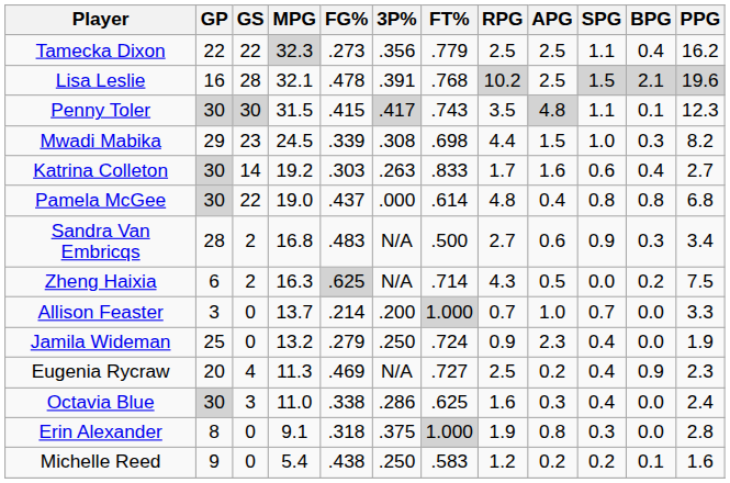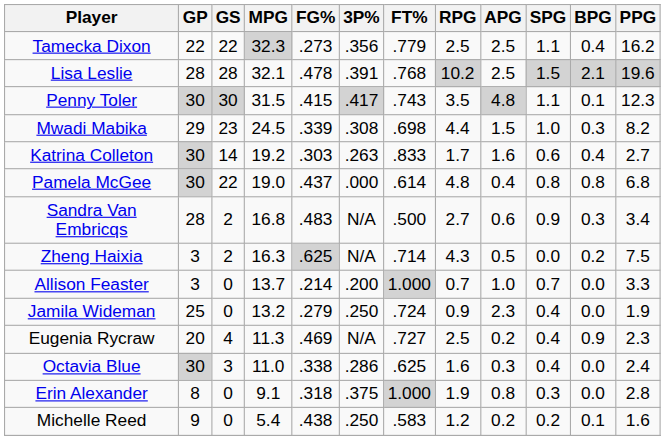 <table class="wikitable sortable" style="text-align:center;">
 <tr>
 <th>Player</th>
 <th>GP</th>
 <th>GS</th>
 <th>MPG</th>
 <th>FG%</th>
 <th>3P%</th>
 <th>FT%</th>
 <th>RPG</th>
 <th>APG</th>
 <th>SPG</th>
 <th>BPG</th>
 <th>PPG</th>
 </tr>
 <tr>
 <td><a href='#'>Tamecka Dixon</a></td>
 <td>22</td>
 <td>22</td>
 <td style="background:#D3D3D3;">32.3</td>
 <td>.273</td>
 <td>.356</td>
 <td>.779</td>
 <td>2.5</td>
 <td>2.5</td>
 <td>1.1</td>
 <td>0.4</td>
 <td>16.2</td>
 </tr>
 <tr>
 <td><a href='#'>Lisa Leslie</a></td>
-<td>16</td>
+<td>28</td>
 <td>28</td>
 <td>32.1</td>
 <td>.478</td>
 <td>.391</td>
 <td>.768</td>
 <td style="background:#D3D3D3;">10.2</td>
 <td>2.5</td>
 <td style="background:#D3D3D3;">1.5</td>
 <td style="background:#D3D3D3;">2.1</td>
 <td style="background:#D3D3D3;">19.6</td>
 </tr>
 <tr>
 <td><a href='#'>Penny Toler</a></td>
 <td style="background:#D3D3D3;">30</td>
 <td style="background:#D3D3D3;">30</td>
 <td>31.5</td>
 <td>.415</td>
 <td style="background:#D3D3D3;">.417</td>
 <td>.743</td>
 <td>3.5</td>
 <td style="background:#D3D3D3;">4.8</td>
 <td>1.1</td>
 <td>0.1</td>
 <td>12.3</td>
 </tr>
 <tr>
 <td><a href='#'>Mwadi Mabika</a></td>
 <td>29</td>
 <td>23</td>
 <td>24.5</td>
 <td>.339</td>
 <td>.308</td>
 <td>.698</td>
 <td>4.4</td>
 <td>1.5</td>
 <td>1.0</td>
 <td>0.3</td>
 <td>8.2</td>
 </tr>
 <tr>
 <td><a href='#'>Katrina Colleton</a></td>
 <td style="background:#D3D3D3;">30</td>
 <td>14</td>
 <td>19.2</td>
 <td>.303</td>
 <td>.263</td>
 <td>.833</td>
 <td>1.7</td>
 <td>1.6</td>
 <td>0.6</td>
 <td>0.4</td>
 <td>2.7</td>
 </tr>
 <tr>
 <td><a href='#'>Pamela McGee</a></td>
 <td style="background:#D3D3D3;">30</td>
 <td>22</td>
 <td>19.0</td>
 <td>.437</td>
 <td>.000</td>
 <td>.614</td>
 <td>4.8</td>
 <td>0.4</td>
 <td>0.8</td>
 <td>0.8</td>
 <td>6.8</td>
 </tr>
 <tr>
 <td><a href='#'>Sandra Van Embricqs</a></td>
 <td>28</td>
 <td>2</td>
 <td>16.8</td>
 <td>.483</td>
 <td>N/A</td>
 <td>.500</td>
 <td>2.7</td>
 <td>0.6</td>
 <td>0.9</td>
 <td>0.3</td>
 <td>3.4</td>
 </tr>
 <tr>
 <td><a href='#'>Zheng Haixia</a></td>
-<td>6</td>
+<td>3</td>
 <td>2</td>
 <td>16.3</td>
 <td style="background:#D3D3D3;">.625</td>
 <td>N/A</td>
 <td>.714</td>
 <td>4.3</td>
 <td>0.5</td>
 <td>0.0</td>
 <td>0.2</td>
 <td>7.5</td>
 </tr>
 <tr>
 <td><a href='#'>Allison Feaster</a></td>
 <td>3</td>
 <td>0</td>
 <td>13.7</td>
 <td>.214</td>
 <td>.200</td>
 <td style="background:#D3D3D3;">1.000</td>
 <td>0.7</td>
 <td>1.0</td>
 <td>0.7</td>
 <td>0.0</td>
 <td>3.3</td>
 </tr>
 <tr>
 <td><a href='#'>Jamila Wideman</a></td>
 <td>25</td>
 <td>0</td>
 <td>13.2</td>
 <td>.279</td>
 <td>.250</td>
 <td>.724</td>
 <td>0.9</td>
 <td>2.3</td>
 <td>0.4</td>
 <td>0.0</td>
 <td>1.9</td>
 </tr>
 <tr>
 <td>Eugenia Rycraw</td>
 <td>20</td>
 <td>4</td>
 <td>11.3</td>
 <td>.469</td>
 <td>N/A</td>
 <td>.727</td>
 <td>2.5</td>
 <td>0.2</td>
 <td>0.4</td>
 <td>0.9</td>
 <td>2.3</td>
 </tr>
 <tr>
 <td><a href='#'>Octavia Blue</a></td>
 <td style="background:#D3D3D3;">30</td>
 <td>3</td>
 <td>11.0</td>
 <td>.338</td>
 <td>.286</td>
 <td>.625</td>
 <td>1.6</td>
 <td>0.3</td>
 <td>0.4</td>
 <td>0.0</td>
 <td>2.4</td>
 </tr>
 <tr>
 <td><a href='#'>Erin Alexander</a></td>
 <td>8</td>
 <td>0</td>
 <td>9.1</td>
 <td>.318</td>
 <td>.375</td>
 <td style="background:#D3D3D3;">1.000</td>
 <td>1.9</td>
 <td>0.8</td>
 <td>0.3</td>
 <td>0.0</td>
 <td>2.8</td>
 </tr>
 <tr>
 <td>Michelle Reed</td>
 <td>9</td>
 <td>0</td>
 <td>5.4</td>
 <td>.438</td>
 <td>.250</td>
 <td>.583</td>
 <td>1.2</td>
 <td>0.2</td>
 <td>0.2</td>
 <td>0.1</td>
 <td>1.6</td>
 </tr>
 <tr>
 </tr>
 </table>
